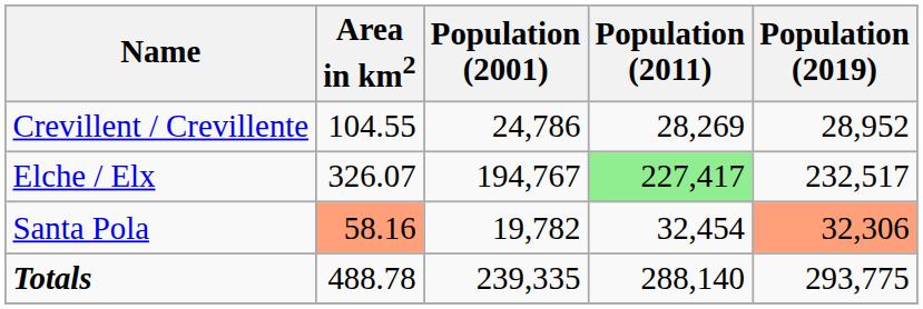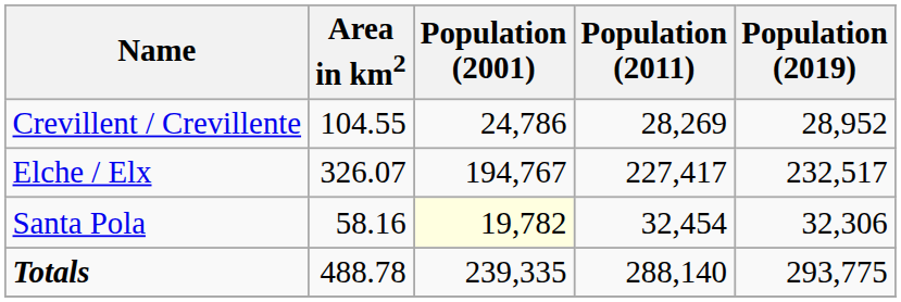 <table class="wikitable sortable">
 <tr>
 <th><strong>Name</strong></th>
 <th><strong>Area<br>in km<sup>2</sup></strong></th>
 <th><strong>Population<br>(2001)</strong></th>
 <th><strong>Population<br>(2011)</strong></th>
 <th><strong>Population<br>(2019)</strong></th>
 </tr>
 <tr>
 <td><a href='#'>Crevillent / Crevillente</a></td>
 <td align=right>104.55</td>
 <td align=right>24,786</td>
 <td align=right>28,269</td>
 <td align=right>28,952</td>
 </tr>
 <tr>
 <td><a href='#'>Elche / Elx</a></td>
 <td align=right>326.07</td>
 <td align=right>194,767</td>
-<td align=right style="background: lightgreen;">227,417</td>
+<td align=right>227,417</td>
 <td align=right>232,517</td>
 </tr>
 <tr>
 <td><a href='#'>Santa Pola</a></td>
-<td align=right style="background: lightsalmon;">58.16</td>
-<td align=right>19,782</td>
+<td align=right>58.16</td>
+<td align=right style="background: lightyellow;">19,782</td>
 <td align=right>32,454</td>
-<td align=right style="background: lightsalmon;">32,306</td>
+<td align=right>32,306</td>
 </tr>
 <tr>
 <td><strong><em>Totals</em></strong></td>
 <td align=right>488.78</td>
 <td align=right>239,335</td>
 <td align=right>288,140</td>
 <td align=right>293,775</td>
 </tr>
 <tr>
 </tr>
 </table>
